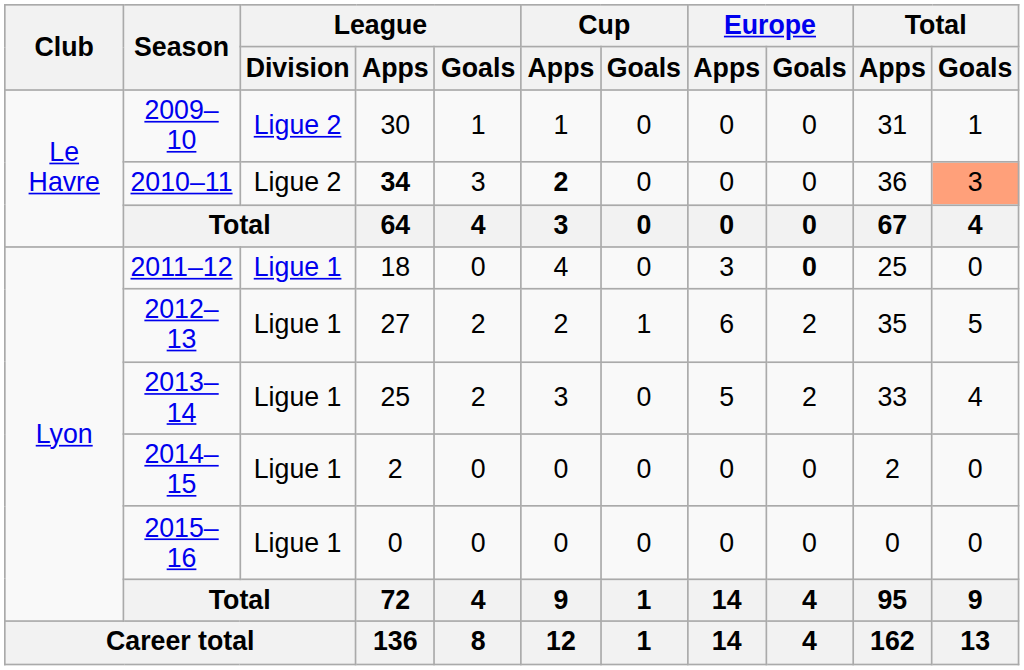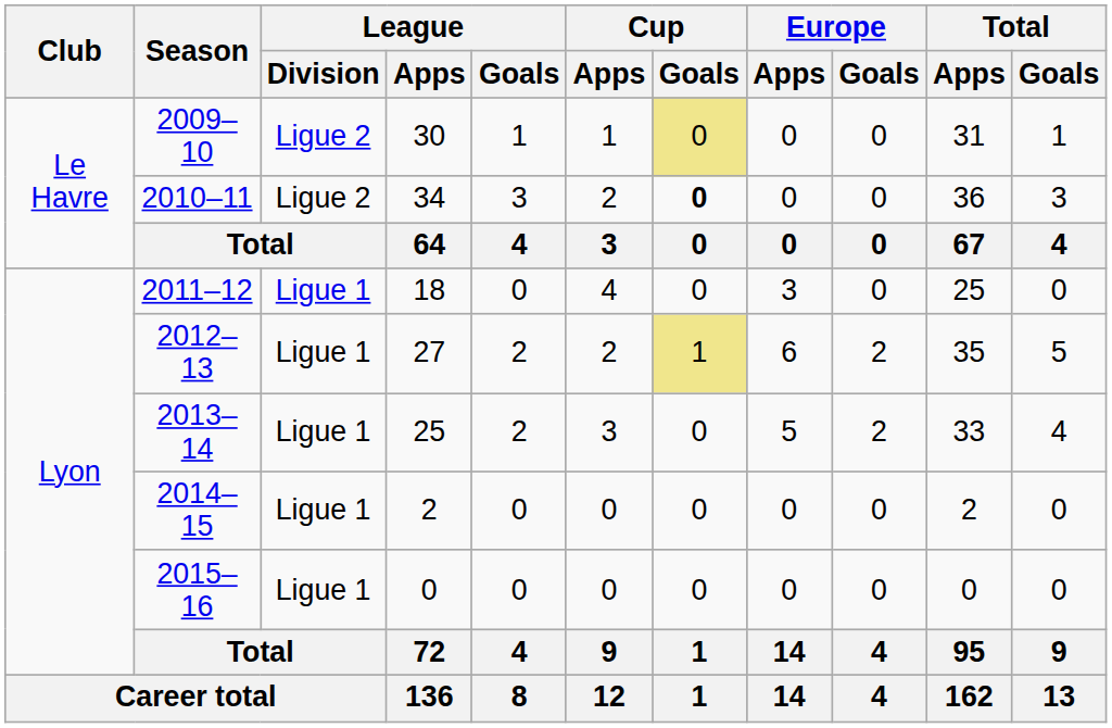 <table class="wikitable" style="text-align:center">
 <tr>
 <th rowspan="2">Club</th>
 <th rowspan="2">Season</th>
 <th colspan="3">League</th>
 <th colspan="2">Cup</th>
 <th colspan="2"><a href='#'>Europe</a></th>
 <th colspan="2">Total</th>
 </tr>
 <tr>
 <th>Division</th>
 <th>Apps</th>
 <th>Goals</th>
 <th>Apps</th>
 <th>Goals</th>
 <th>Apps</th>
 <th>Goals</th>
 <th>Apps</th>
 <th>Goals</th>
 </tr>
 <tr>
 <td rowspan="3"><a href='#'>Le Havre</a></td>
 <td><a href='#'>2009–10</a></td>
 <td><a href='#'>Ligue 2</a></td>
 <td>30</td>
 <td>1</td>
 <td>1</td>
-<td>0</td>
+<td style="background: khaki;">0</td>
 <td>0</td>
 <td>0</td>
 <td>31</td>
 <td>1</td>
 </tr>
 <tr>
 <td><a href='#'>2010–11</a></td>
 <td>Ligue 2</td>
-<td><strong>34</strong></td>
+<td>34</td>
 <td>3</td>
-<td><strong>2</strong></td>
-<td>0</td>
+<td>2</td>
+<td><strong>0</strong></td>
 <td>0</td>
 <td>0</td>
 <td>36</td>
-<td style="background: lightsalmon;">3</td>
+<td>3</td>
 </tr>
 <tr>
 <th colspan="2">Total</th>
 <th>64</th>
 <th>4</th>
 <th>3</th>
 <th>0</th>
 <th>0</th>
 <th>0</th>
 <th>67</th>
 <th>4</th>
 </tr>
 <tr>
 <td rowspan="6"><a href='#'>Lyon</a></td>
 <td><a href='#'>2011–12</a></td>
 <td><a href='#'>Ligue 1</a></td>
 <td>18</td>
 <td>0</td>
 <td>4</td>
 <td>0</td>
 <td>3</td>
-<td><strong>0</strong></td>
+<td>0</td>
 <td>25</td>
 <td>0</td>
 </tr>
 <tr>
 <td><a href='#'>2012–13</a></td>
 <td>Ligue 1</td>
 <td>27</td>
 <td>2</td>
 <td>2</td>
-<td>1</td>
+<td style="background: khaki;">1</td>
 <td>6</td>
 <td>2</td>
 <td>35</td>
 <td>5</td>
 </tr>
 <tr>
 <td><a href='#'>2013–14</a></td>
 <td>Ligue 1</td>
 <td>25</td>
 <td>2</td>
 <td>3</td>
 <td>0</td>
 <td>5</td>
 <td>2</td>
 <td>33</td>
 <td>4</td>
 </tr>
 <tr>
 <td><a href='#'>2014–15</a></td>
 <td>Ligue 1</td>
 <td>2</td>
 <td>0</td>
 <td>0</td>
 <td>0</td>
 <td>0</td>
 <td>0</td>
 <td>2</td>
 <td>0</td>
 </tr>
 <tr>
 <td><a href='#'>2015–16</a></td>
 <td>Ligue 1</td>
 <td>0</td>
 <td>0</td>
 <td>0</td>
 <td>0</td>
 <td>0</td>
 <td>0</td>
 <td>0</td>
 <td>0</td>
 </tr>
 <tr>
 <th colspan="2">Total</th>
 <th>72</th>
 <th>4</th>
 <th>9</th>
 <th>1</th>
 <th>14</th>
 <th>4</th>
 <th>95</th>
 <th>9</th>
 </tr>
 <tr>
 <th colspan="3">Career total</th>
 <th>136</th>
 <th>8</th>
 <th>12</th>
 <th>1</th>
 <th>14</th>
 <th>4</th>
 <th>162</th>
 <th>13</th>
 </tr>
 </table>
